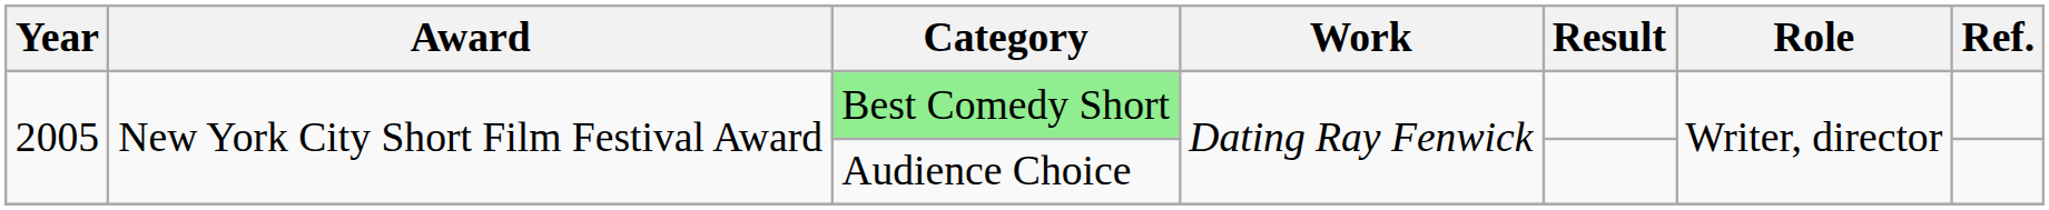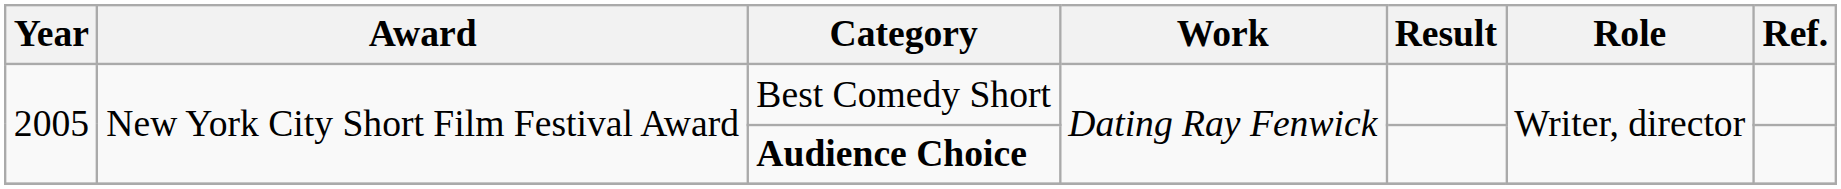 <table class="wikitable">
 <tr>
 <th>Year</th>
 <th>Award</th>
 <th>Category</th>
 <th>Work</th>
 <th>Result</th>
 <th>Role</th>
 <th>Ref.</th>
 </tr>
 <tr>
 <td rowspan="2">2005</td>
 <td rowspan="2">New York City Short Film Festival Award</td>
-<td style="background: lightgreen;">Best Comedy Short</td>
+<td>Best Comedy Short</td>
 <td rowspan="2"><em>Dating Ray Fenwick</em></td>
 <td></td>
 <td rowspan="2">Writer, director</td>
 <td></td>
 </tr>
 <tr>
-<td>Audience Choice</td>
+<td><strong>Audience Choice</strong></td>
 <td></td>
 <td></td>
 </tr>
 <tr>
 </tr>
 </table>
